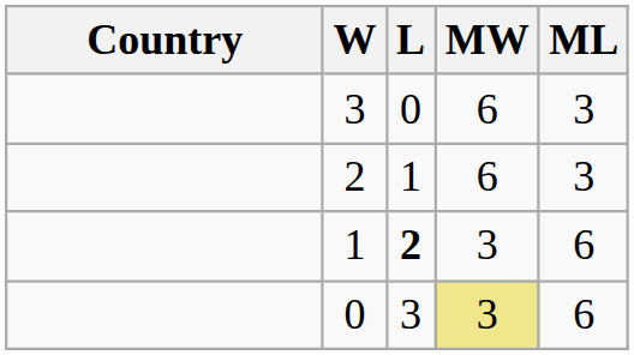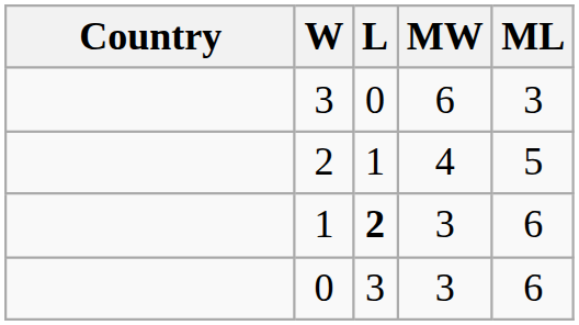 <table class="wikitable sortable" style="text-align:center">
 <tr>
 <th width=110>Country</th>
 <th>W</th>
 <th>L</th>
 <th>MW</th>
 <th>ML</th>
 </tr>
 <tr>
 <td align=left><strong></strong></td>
 <td>3</td>
 <td>0</td>
 <td>6</td>
 <td>3</td>
 </tr>
 <tr>
 <td align=left></td>
 <td>2</td>
 <td>1</td>
-<td>6</td>
-<td>3</td>
+<td>4</td>
+<td>5</td>
 </tr>
 <tr>
 <td align=left></td>
 <td>1</td>
 <td><strong>2</strong></td>
 <td>3</td>
 <td>6</td>
 </tr>
 <tr>
 <td align=left></td>
 <td>0</td>
 <td>3</td>
-<td style="background: khaki;">3</td>
+<td>3</td>
 <td>6</td>
 </tr>
 </table>
